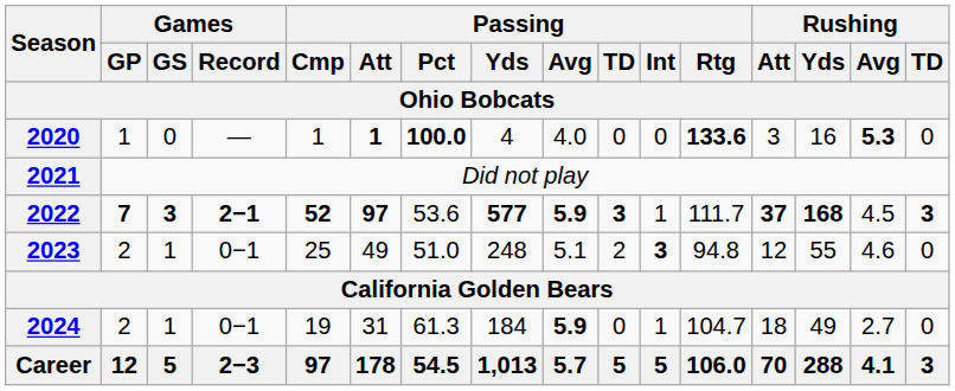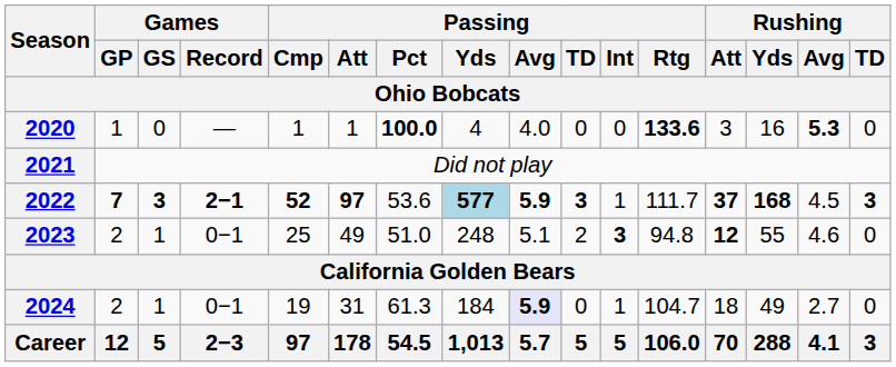 <table class="wikitable" style="text-align:center;">
 <tr>
 <th rowspan="2">Season</th>
 <th colspan="3">Games</th>
 <th colspan="8">Passing</th>
 <th colspan="5">Rushing</th>
 </tr>
 <tr>
 <th>GP</th>
 <th>GS</th>
 <th>Record</th>
 <th>Cmp</th>
 <th>Att</th>
 <th>Pct</th>
 <th>Yds</th>
 <th>Avg</th>
 <th>TD</th>
 <th>Int</th>
 <th>Rtg</th>
 <th>Att</th>
 <th>Yds</th>
 <th>Avg</th>
 <th>TD</th>
 </tr>
 <tr>
 <th colspan="16">Ohio Bobcats</th>
 </tr>
 <tr>
 <th><a href='#'>2020</a></th>
 <td>1</td>
 <td>0</td>
 <td>—</td>
 <td>1</td>
-<td><strong>1</strong></td>
+<td>1</td>
 <td><strong>100.0</strong></td>
 <td>4</td>
 <td>4.0</td>
 <td>0</td>
 <td>0</td>
 <td><strong>133.6</strong></td>
 <td>3</td>
 <td>16</td>
 <td><strong>5.3</strong></td>
 <td>0</td>
 </tr>
 <tr>
 <th><a href='#'>2021</a></th>
 <td colspan="16"><em>Did not play</em></td>
 </tr>
 <tr>
 <th><a href='#'>2022</a></th>
 <td><strong>7</strong></td>
 <td><strong>3</strong></td>
 <td><strong>2−1</strong></td>
 <td><strong>52</strong></td>
 <td><strong>97</strong></td>
 <td>53.6</td>
-<td><strong>577</strong></td>
+<td style="background: lightblue;"><strong>577</strong></td>
 <td><strong>5.9</strong></td>
 <td><strong>3</strong></td>
 <td>1</td>
 <td>111.7</td>
 <td><strong>37</strong></td>
 <td><strong>168</strong></td>
 <td>4.5</td>
 <td><strong>3</strong></td>
 </tr>
 <tr>
 <th><a href='#'>2023</a></th>
 <td>2</td>
 <td>1</td>
 <td>0−1</td>
 <td>25</td>
 <td>49</td>
 <td>51.0</td>
 <td>248</td>
 <td>5.1</td>
 <td>2</td>
 <td><strong>3</strong></td>
 <td>94.8</td>
-<td>12</td>
+<td><strong>12</strong></td>
 <td>55</td>
 <td>4.6</td>
 <td>0</td>
 </tr>
 <tr>
 <th colspan="16">California Golden Bears</th>
 </tr>
 <tr>
 <th><a href='#'>2024</a></th>
 <td>2</td>
 <td>1</td>
 <td>0−1</td>
 <td>19</td>
 <td>31</td>
 <td>61.3</td>
 <td>184</td>
-<td><strong>5.9</strong></td>
+<td style="background: lavender;"><strong>5.9</strong></td>
 <td>0</td>
 <td>1</td>
 <td>104.7</td>
 <td>18</td>
 <td>49</td>
 <td>2.7</td>
 <td>0</td>
 </tr>
 <tr>
 <th>Career</th>
 <th>12</th>
 <th>5</th>
 <th>2−3</th>
 <th>97</th>
 <th>178</th>
 <th>54.5</th>
 <th>1,013</th>
 <th>5.7</th>
 <th>5</th>
 <th>5</th>
 <th>106.0</th>
 <th>70</th>
 <th>288</th>
 <th>4.1</th>
 <th>3</th>
 </tr>
 </table>
